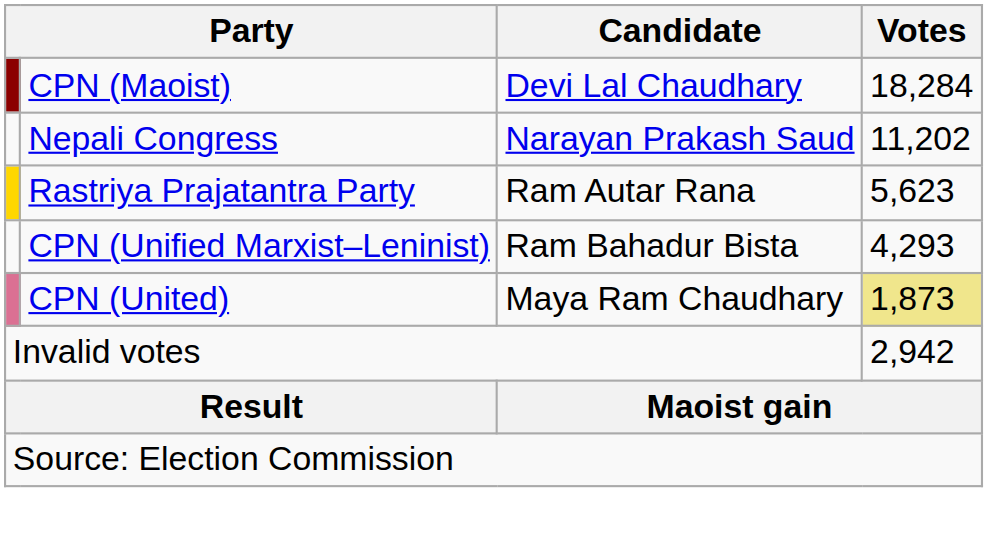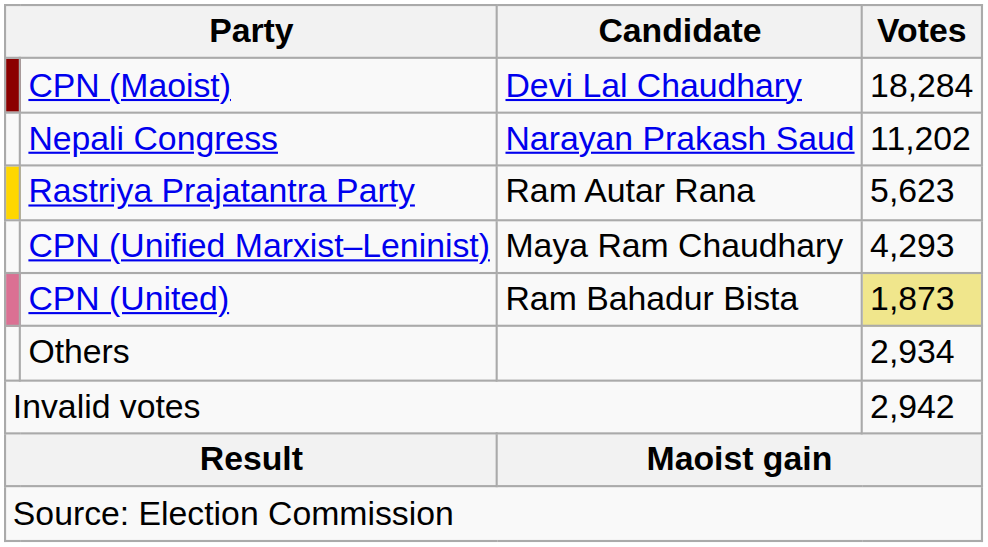 <table class="wikitable">
 <tr>
 <th colspan="2">Party</th>
 <th>Candidate</th>
 <th>Votes</th>
 </tr>
 <tr>
 <td style="background-color:darkred"></td>
 <td><a href='#'>CPN (Maoist)</a></td>
 <td><a href='#'>Devi Lal Chaudhary</a></td>
 <td>18,284</td>
 </tr>
 <tr>
 <td style="background-color:"></td>
 <td><a href='#'>Nepali Congress</a></td>
 <td><a href='#'>Narayan Prakash Saud</a></td>
 <td>11,202</td>
 </tr>
 <tr>
 <td style="background-color:gold"></td>
 <td><a href='#'>Rastriya Prajatantra Party</a></td>
 <td>Ram Autar Rana</td>
 <td>5,623</td>
 </tr>
 <tr>
 <td style="background-color:"></td>
 <td><a href='#'>CPN (Unified Marxist–Leninist)</a></td>
-<td>Ram Bahadur Bista</td>
+<td>Maya Ram Chaudhary</td>
 <td>4,293</td>
 </tr>
 <tr>
 <td style="background-color:palevioletred"></td>
 <td><a href='#'>CPN (United)</a></td>
-<td>Maya Ram Chaudhary</td>
+<td>Ram Bahadur Bista</td>
 <td style="background: khaki;">1,873</td>
+</tr>
+<tr>
+<td></td>
+<td>Others</td>
+<td></td>
+<td>2,934</td>
 </tr>
 <tr>
 <td colspan="3">Invalid votes</td>
 <td>2,942</td>
 </tr>
 <tr>
 <th colspan="2">Result</th>
 <th colspan="2">Maoist gain</th>
 </tr>
 <tr>
 <td colspan="4">Source: Election Commission</td>
 </tr>
 </table>
